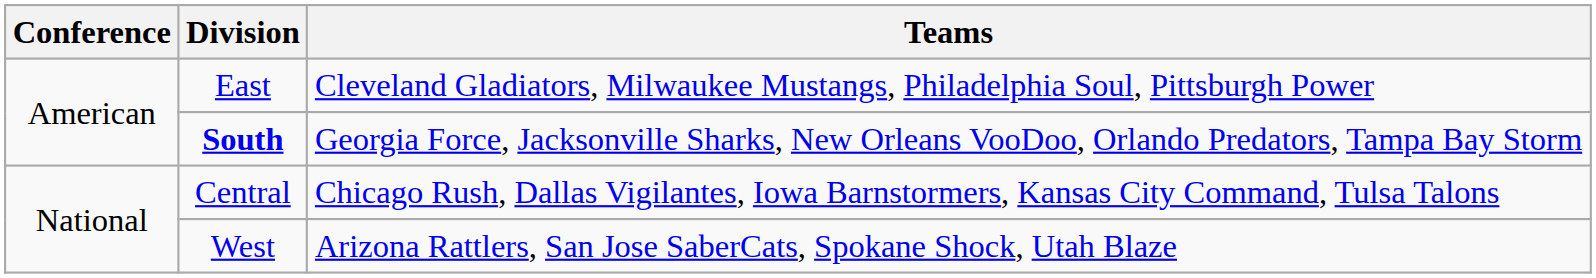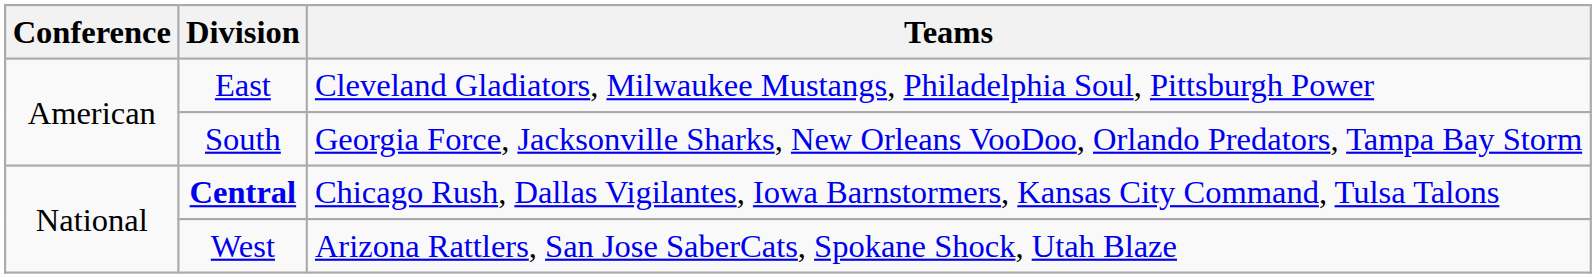 <table class="wikitable" style="font-size: 95%;">
 <tr>
 <th>Conference</th>
 <th>Division</th>
 <th>Teams</th>
 </tr>
 <tr>
 <td align="center" rowspan=2>American</td>
 <td align="center"><a href='#'>East</a></td>
 <td><a href='#'>Cleveland Gladiators</a>, <a href='#'>Milwaukee Mustangs</a>, <a href='#'>Philadelphia Soul</a>, <a href='#'>Pittsburgh Power</a></td>
 </tr>
 <tr>
-<td align="center"><strong><a href='#'>South</a></strong></td>
+<td align="center"><a href='#'>South</a></td>
 <td><a href='#'>Georgia Force</a>, <a href='#'>Jacksonville Sharks</a>, <a href='#'>New Orleans VooDoo</a>, <a href='#'>Orlando Predators</a>, <a href='#'>Tampa Bay Storm</a></td>
 </tr>
 <tr>
 <td align="center" rowspan=2>National</td>
-<td align="center"><a href='#'>Central</a></td>
+<td align="center"><strong><a href='#'>Central</a></strong></td>
 <td><a href='#'>Chicago Rush</a>, <a href='#'>Dallas Vigilantes</a>, <a href='#'>Iowa Barnstormers</a>, <a href='#'>Kansas City Command</a>, <a href='#'>Tulsa Talons</a></td>
 </tr>
 <tr>
 <td align="center"><a href='#'>West</a></td>
 <td><a href='#'>Arizona Rattlers</a>, <a href='#'>San Jose SaberCats</a>, <a href='#'>Spokane Shock</a>, <a href='#'>Utah Blaze</a></td>
 </tr>
 </table>
